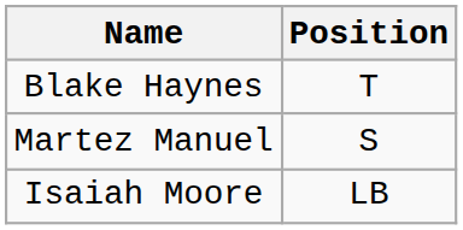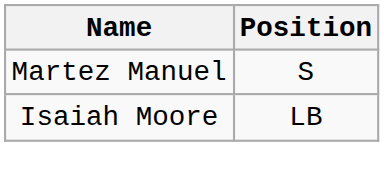 <table class="wikitable" style="text-align:center">
 <tr>
 <th>Name</th>
 <th>Position</th>
-</tr>
-<tr>
-<td>Blake Haynes</td>
-<td>T</td>
 </tr>
 <tr>
 <td>Martez Manuel</td>
 <td>S</td>
 </tr>
 <tr>
 <td>Isaiah Moore</td>
 <td>LB</td>
 </tr>
 </table>
